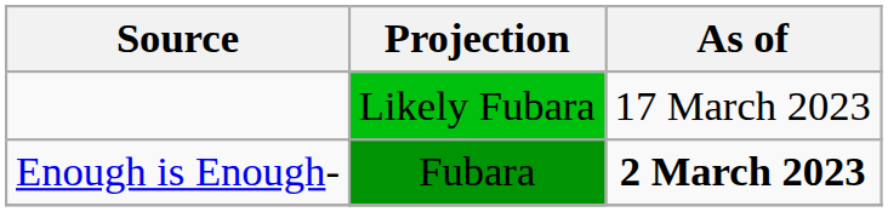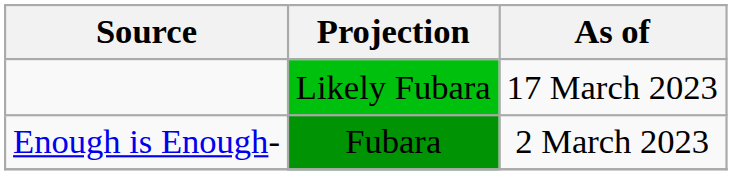 <table class="wikitable" style="text-align:center">
 <tr>
 <th>Source</th>
 <th colspan=2>Projection</th>
 <th>As of</th>
 </tr>
 <tr>
 <td align="left"></td>
 <td colspan=2 bgcolor=#00c00e>Likely Fubara</td>
 <td>17 March 2023</td>
 </tr>
 <tr>
 <td align="left"><a href='#'>Enough is Enough</a>-<br></td>
 <td colspan=2 bgcolor=#009404>Fubara</td>
-<td><strong>2 March 2023</strong></td>
+<td>2 March 2023</td>
 </tr>
 <tr>
 </tr>
 </table>
